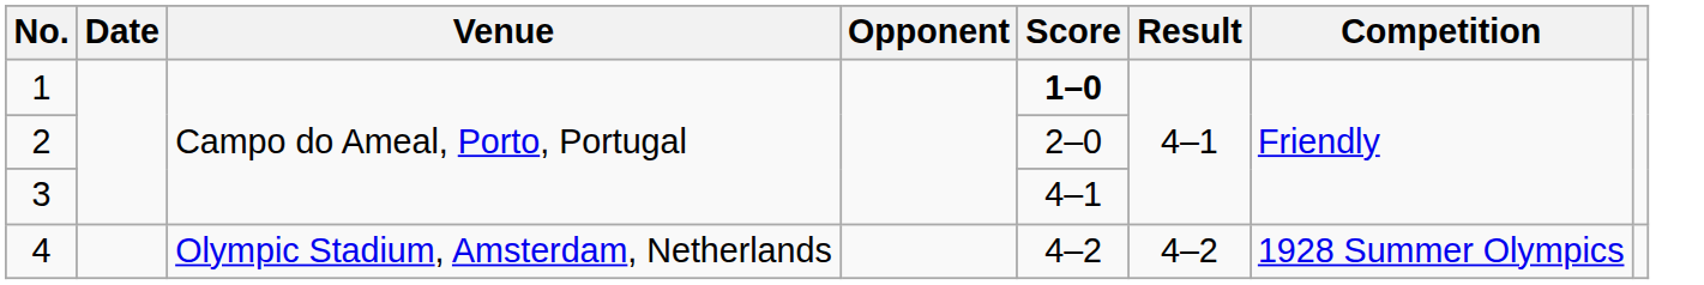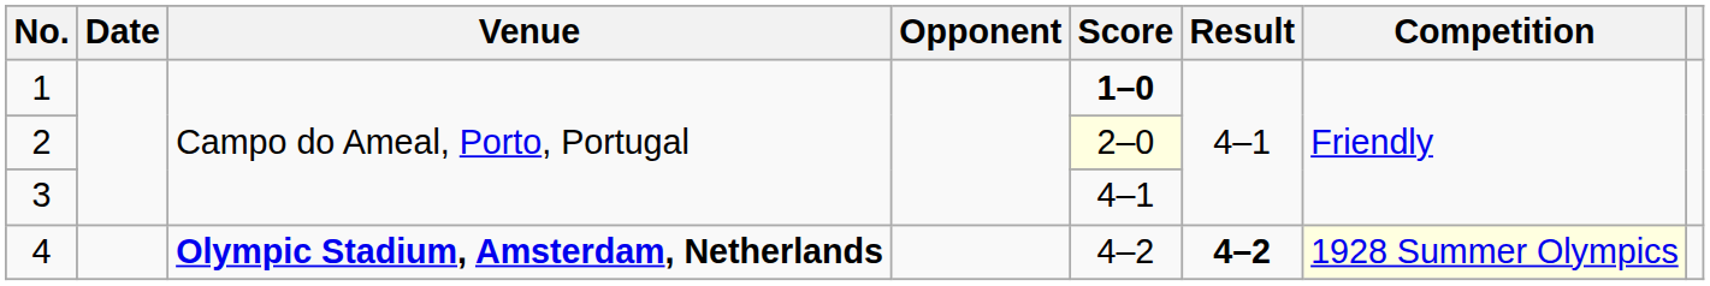 <table class="wikitable sortable">
 <tr>
 <th scope="col">No.</th>
 <th scope="col">Date</th>
 <th scope="col">Venue</th>
 <th scope="col">Opponent</th>
 <th scope="col">Score</th>
 <th scope="col">Result</th>
 <th scope="col">Competition</th>
 <th scope="col" class="unsortable"></th>
 </tr>
 <tr>
 <td style="text-align:center">1</td>
 <td rowspan="3"></td>
 <td rowspan="3">Campo do Ameal, <a href='#'>Porto</a>, Portugal</td>
 <td rowspan="3"></td>
 <td style="text-align:center"><strong>1–0</strong></td>
 <td rowspan="3" style="text-align:center">4–1</td>
 <td rowspan="3"><a href='#'>Friendly</a></td>
 <td rowspan="3"></td>
 </tr>
 <tr>
 <td style="text-align:center">2</td>
-<td style="text-align:center">2–0</td>
+<td style="background: lightyellow; text-align:center">2–0</td>
 </tr>
 <tr>
 <td style="text-align:center">3</td>
 <td style="text-align:center">4–1</td>
 </tr>
 <tr>
 <td style="text-align:center">4</td>
 <td></td>
-<td><a href='#'>Olympic Stadium</a>, <a href='#'>Amsterdam</a>, Netherlands</td>
+<td><strong><a href='#'>Olympic Stadium</a>, <a href='#'>Amsterdam</a>, Netherlands</strong></td>
 <td></td>
 <td style="text-align:center">4–2</td>
-<td style="text-align:center">4–2</td>
-<td><a href='#'>1928 Summer Olympics</a></td>
+<td style="text-align:center"><strong>4–2</strong></td>
+<td style="background: lightyellow;"><a href='#'>1928 Summer Olympics</a></td>
 <td></td>
 </tr>
 </table>
